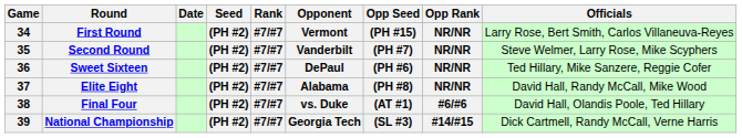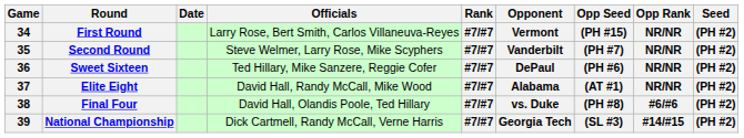 <table class="wikitable">
 <tr>
 <th>Game</th>
 <th>Round</th>
 <th>Date</th>
-<th>Seed</th>
+<th>Officials</th>
 <th>Rank</th>
 <th>Opponent</th>
 <th>Opp Seed</th>
 <th>Opp Rank</th>
-<th>Officials</th>
+<th>Seed</th>
 </tr>
 <tr align="center" bgcolor="#ccffcc">
 <th>34</th>
 <th><a href='#'>First Round</a></th>
 <td></td>
-<th>(PH #2)</th>
+<td>Larry Rose, Bert Smith, Carlos Villaneuva-Reyes</td>
 <th>#7/#7</th>
 <th>Vermont</th>
 <th>(PH #15)</th>
 <th>NR/NR</th>
-<td>Larry Rose, Bert Smith, Carlos Villaneuva-Reyes</td>
+<th>(PH #2)</th>
 </tr>
 <tr align="center" bgcolor="#ccffcc">
 <th>35</th>
 <th><a href='#'>Second Round</a></th>
 <td></td>
-<th>(PH #2)</th>
+<td>Steve Welmer, Larry Rose, Mike Scyphers</td>
 <th>#7/#7</th>
 <th>Vanderbilt</th>
 <th>(PH #7)</th>
 <th>NR/NR</th>
-<td>Steve Welmer, Larry Rose, Mike Scyphers</td>
+<th>(PH #2)</th>
 </tr>
 <tr align="center" bgcolor="#ccffcc">
 <th>36</th>
 <th><a href='#'>Sweet Sixteen</a></th>
 <td></td>
-<th>(PH #2)</th>
+<td>Ted Hillary, Mike Sanzere, Reggie Cofer</td>
 <th>#7/#7</th>
 <th>DePaul</th>
 <th>(PH #6)</th>
 <th>NR/NR</th>
-<td>Ted Hillary, Mike Sanzere, Reggie Cofer</td>
+<th>(PH #2)</th>
 </tr>
 <tr align="center" bgcolor="#ccffcc">
 <th>37</th>
 <th><a href='#'>Elite Eight</a></th>
 <td></td>
-<th>(PH #2)</th>
+<td>David Hall, Randy McCall, Mike Wood</td>
 <th>#7/#7</th>
 <th>Alabama</th>
-<th>(PH #8)</th>
+<th>(AT #1)</th>
 <th>NR/NR</th>
-<td>David Hall, Randy McCall, Mike Wood</td>
+<th>(PH #2)</th>
 </tr>
 <tr align="center" bgcolor="#ccffcc">
 <th>38</th>
 <th><a href='#'>Final Four</a></th>
 <td></td>
-<th>(PH #2)</th>
+<td>David Hall, Olandis Poole, Ted Hillary</td>
 <th>#7/#7</th>
 <th>vs. Duke</th>
-<th>(AT #1)</th>
+<th>(PH #8)</th>
 <th>#6/#6</th>
-<td>David Hall, Olandis Poole, Ted Hillary</td>
+<th>(PH #2)</th>
 </tr>
 <tr align="center" bgcolor="#ccffcc">
 <th>39</th>
 <th><a href='#'>National Championship</a></th>
 <td></td>
-<th>(PH #2)</th>
+<td>Dick Cartmell, Randy McCall, Verne Harris</td>
 <th>#7/#7</th>
 <th>Georgia Tech</th>
 <th>(SL #3)</th>
 <th>#14/#15</th>
-<td>Dick Cartmell, Randy McCall, Verne Harris</td>
+<th>(PH #2)</th>
 </tr>
 </table>
